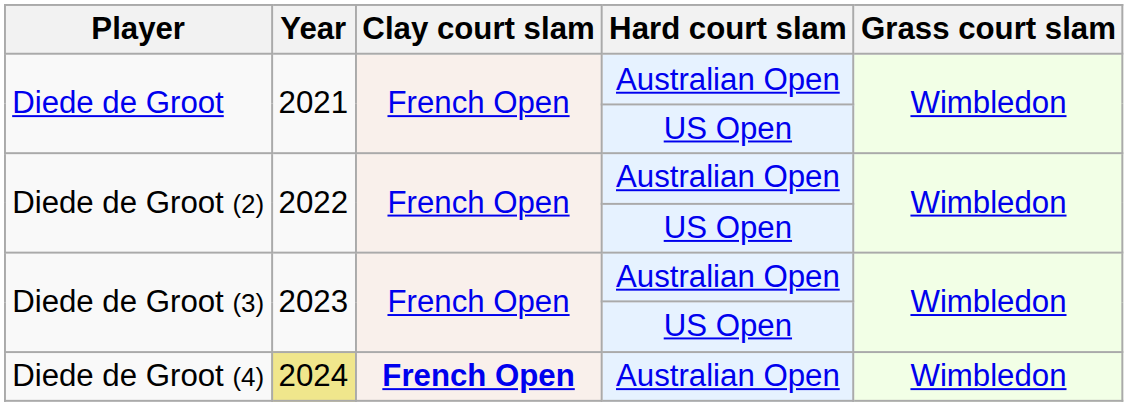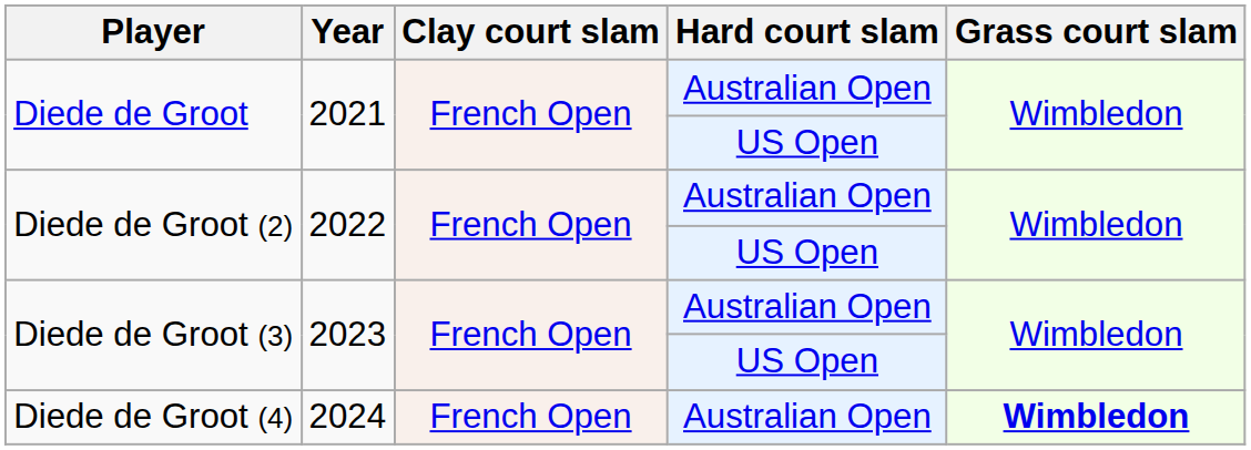 <table class="wikitable sortable" style="text-align:center;">
 <tr>
 <th>Player</th>
 <th>Year</th>
 <th>Clay court slam</th>
 <th>Hard court slam</th>
 <th>Grass court slam</th>
 </tr>
 <tr>
 <td rowspan="2" align="left"> <a href='#'>Diede de Groot</a></td>
 <td rowspan="2">2021</td>
 <td rowspan="2"  style="background: #f9f0eb;"><a href='#'>French Open</a></td>
 <td style="background: #e6f2ff;"><a href='#'>Australian Open</a></td>
 <td rowspan="2" style="background: #f2ffe6;"><a href='#'>Wimbledon</a></td>
 </tr>
 <tr>
 <td style="background: #e6f2ff;"><a href='#'>US Open</a></td>
 </tr>
 <tr>
 <td rowspan="2" align="left"> Diede de Groot <small>(2)</small></td>
 <td rowspan="2">2022</td>
 <td rowspan="2" style="background: #f9f0eb;"><a href='#'>French Open</a></td>
 <td style="background: #e6f2ff;"><a href='#'>Australian Open</a></td>
 <td rowspan="2" style="background: #f2ffe6;"><a href='#'>Wimbledon</a></td>
 </tr>
 <tr>
 <td style="background: #e6f2ff;"><a href='#'>US Open</a></td>
 </tr>
 <tr>
 <td rowspan="2" align="left"> Diede de Groot <small>(3)</small></td>
 <td rowspan="2">2023</td>
 <td rowspan="2" style="background: #f9f0eb;"><a href='#'>French Open</a></td>
 <td style="background: #e6f2ff;"><a href='#'>Australian Open</a></td>
 <td rowspan="2" style="background: #f2ffe6;"><a href='#'>Wimbledon</a></td>
 </tr>
 <tr>
 <td style="background: #e6f2ff;"><a href='#'>US Open</a></td>
 </tr>
 <tr>
 <td align="left"> Diede de Groot <small>(4)</small></td>
-<td style="background: khaki;">2024</td>
-<td style="background: #f9f0eb;"><strong><a href='#'>French Open</a></strong></td>
+<td>2024</td>
+<td style="background: #f9f0eb;"><a href='#'>French Open</a></td>
 <td style="background: #e6f2ff;"><a href='#'>Australian Open</a></td>
-<td style="background: #f2ffe6;"><a href='#'>Wimbledon</a></td>
+<td style="background: #f2ffe6;"><strong><a href='#'>Wimbledon</a></strong></td>
 </tr>
 </table>
